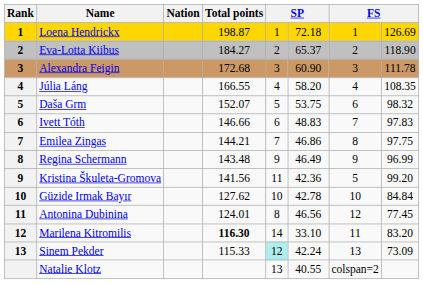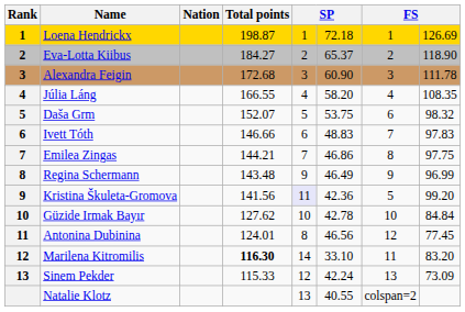 <table class="wikitable sortable">
 <tr>
 <th>Rank</th>
 <th>Name</th>
 <th>Nation</th>
 <th>Total points</th>
 <th colspan="2" width="80px"><a href='#'>SP</a></th>
 <th colspan="2" width="80px"><a href='#'>FS</a></th>
 </tr>
 <tr bgcolor="gold">
 <td align="center"><strong>1</strong></td>
 <td><a href='#'>Loena Hendrickx</a></td>
 <td></td>
 <td align="center">198.87</td>
 <td align="center">1</td>
 <td align="center">72.18</td>
 <td align="center">1</td>
 <td align="center">126.69</td>
 </tr>
 <tr bgcolor="silver">
 <td align="center"><strong>2</strong></td>
 <td><a href='#'>Eva-Lotta Kiibus</a></td>
 <td></td>
 <td align="center">184.27</td>
 <td align="center">2</td>
 <td align="center">65.37</td>
 <td align="center">2</td>
 <td align="center">118.90</td>
 </tr>
 <tr bgcolor="cc9966">
 <td align="center"><strong>3</strong></td>
 <td><a href='#'>Alexandra Feigin</a></td>
 <td></td>
 <td align="center">172.68</td>
 <td align="center">3</td>
 <td align="center">60.90</td>
 <td align="center">3</td>
 <td align="center">111.78</td>
 </tr>
 <tr>
 <th>4</th>
 <td><a href='#'>Júlia Láng</a></td>
 <td></td>
 <td align="center">166.55</td>
 <td align="center">4</td>
 <td align="center">58.20</td>
 <td align="center">4</td>
 <td align="center">108.35</td>
 </tr>
 <tr>
 <th>5</th>
 <td><a href='#'>Daša Grm</a></td>
 <td></td>
 <td align="center">152.07</td>
 <td align="center">5</td>
 <td align="center">53.75</td>
 <td align="center">6</td>
 <td align="center">98.32</td>
 </tr>
 <tr>
 <th>6</th>
 <td><a href='#'>Ivett Tóth</a></td>
 <td></td>
 <td align="center">146.66</td>
 <td align="center">6</td>
 <td align="center">48.83</td>
 <td align="center">7</td>
 <td align="center">97.83</td>
 </tr>
 <tr>
 <th>7</th>
 <td><a href='#'>Emilea Zingas</a></td>
 <td></td>
 <td align="center">144.21</td>
 <td align="center">7</td>
 <td align="center">46.86</td>
 <td align="center">8</td>
 <td align="center">97.75</td>
 </tr>
 <tr>
 <th>8</th>
 <td><a href='#'>Regina Schermann</a></td>
 <td></td>
 <td align="center">143.48</td>
 <td align="center">9</td>
 <td align="center">46.49</td>
 <td align="center">9</td>
 <td align="center">96.99</td>
 </tr>
 <tr>
 <th>9</th>
 <td><a href='#'>Kristina Škuleta-Gromova</a></td>
 <td></td>
 <td align="center">141.56</td>
-<td align="center">11</td>
+<td align="center" style="background: lavender;">11</td>
 <td align="center">42.36</td>
 <td align="center">5</td>
 <td align="center">99.20</td>
 </tr>
 <tr>
 <th>10</th>
 <td><a href='#'>Güzide Irmak Bayır</a></td>
 <td></td>
 <td align="center">127.62</td>
 <td align="center">10</td>
 <td align="center">42.78</td>
 <td align="center">10</td>
 <td align="center">84.84</td>
 </tr>
 <tr>
 <th>11</th>
 <td><a href='#'>Antonina Dubinina</a></td>
 <td></td>
 <td align="center">124.01</td>
 <td align="center">8</td>
 <td align="center">46.56</td>
 <td align="center">12</td>
 <td align="center">77.45</td>
 </tr>
 <tr>
 <th>12</th>
 <td><a href='#'>Marilena Kitromilis</a></td>
 <td></td>
 <td align="center"><strong>116.30</strong></td>
 <td align="center">14</td>
 <td align="center">33.10</td>
 <td align="center">11</td>
 <td align="center">83.20</td>
 </tr>
 <tr>
 <th>13</th>
 <td><a href='#'>Sinem Pekder</a></td>
 <td></td>
 <td align="center">115.33</td>
-<td align="center" style="background: paleturquoise;">12</td>
+<td align="center">12</td>
 <td align="center">42.24</td>
 <td align="center">13</td>
 <td align="center">73.09</td>
 </tr>
 <tr>
 <th></th>
 <td><a href='#'>Natalie Klotz</a></td>
 <td></td>
 <td></td>
 <td align="center">13</td>
 <td align="center">40.55</td>
 <td>colspan=2 </td>
 </tr>
 </table>
